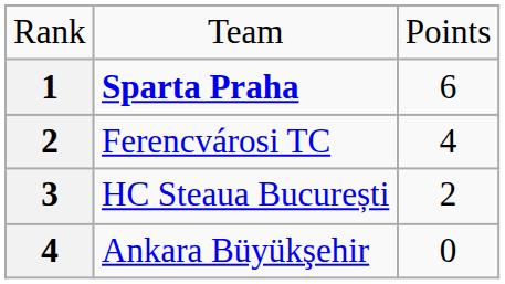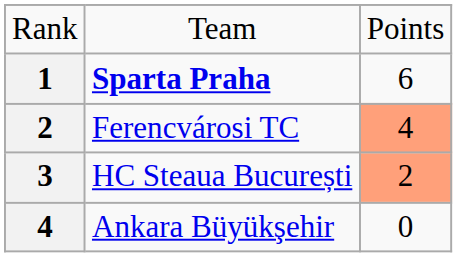 <table class="wikitable" style="text-align: center;">
 <tr>
 <td>Rank</td>
 <td>Team</td>
 <td>Points</td>
 </tr>
 <tr>
 <th>1</th>
 <td style="text-align: left;"> <strong><a href='#'>Sparta Praha</a></strong></td>
 <td>6</td>
 </tr>
 <tr>
 <th>2</th>
 <td style="text-align: left;"> <a href='#'>Ferencvárosi TC</a></td>
-<td>4</td>
+<td style="background: lightsalmon;">4</td>
 </tr>
 <tr>
 <th>3</th>
 <td style="text-align: left;"> <a href='#'>HC Steaua București</a></td>
-<td>2</td>
+<td style="background: lightsalmon;">2</td>
 </tr>
 <tr>
 <th>4</th>
 <td style="text-align: left;"> <a href='#'>Ankara Büyükşehir</a></td>
 <td>0</td>
 </tr>
 </table>
